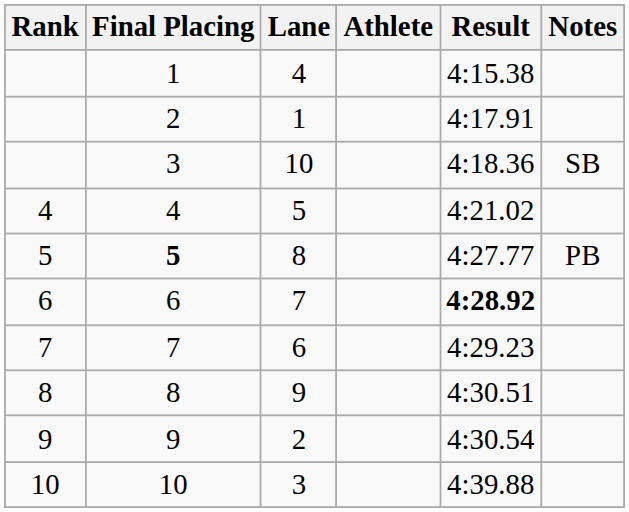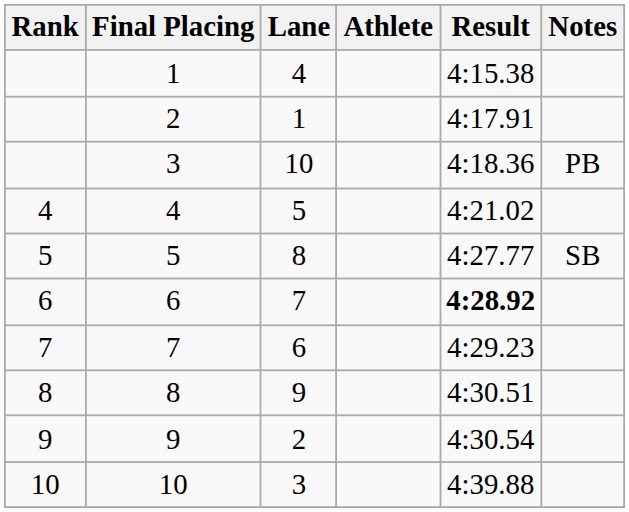 <table class="wikitable sortable" style="text-align:center">
 <tr>
 <th>Rank</th>
 <th>Final Placing</th>
 <th>Lane</th>
 <th>Athlete</th>
 <th>Result</th>
 <th>Notes</th>
 </tr>
 <tr>
 <td></td>
 <td>1</td>
 <td>4</td>
 <td align=left></td>
 <td>4:15.38</td>
 <td></td>
 </tr>
 <tr>
 <td></td>
 <td>2</td>
 <td>1</td>
 <td align=left></td>
 <td>4:17.91</td>
 <td></td>
 </tr>
 <tr>
 <td></td>
 <td>3</td>
 <td>10</td>
 <td align=left></td>
 <td>4:18.36</td>
-<td>SB</td>
+<td>PB</td>
 </tr>
 <tr>
 <td>4</td>
 <td>4</td>
 <td>5</td>
 <td align=left></td>
 <td>4:21.02</td>
 <td></td>
 </tr>
 <tr>
 <td>5</td>
-<td><strong>5</strong></td>
+<td>5</td>
 <td>8</td>
 <td align=left></td>
 <td>4:27.77</td>
-<td>PB</td>
+<td>SB</td>
 </tr>
 <tr>
 <td>6</td>
 <td>6</td>
 <td>7</td>
 <td align=left></td>
 <td><strong>4:28.92</strong></td>
 <td></td>
 </tr>
 <tr>
 <td>7</td>
 <td>7</td>
 <td>6</td>
 <td align=left></td>
 <td>4:29.23</td>
 <td></td>
 </tr>
 <tr>
 <td>8</td>
 <td>8</td>
 <td>9</td>
 <td align=left></td>
 <td>4:30.51</td>
 <td></td>
 </tr>
 <tr>
 <td>9</td>
 <td>9</td>
 <td>2</td>
 <td align=left></td>
 <td>4:30.54</td>
 <td></td>
 </tr>
 <tr>
 <td>10</td>
 <td>10</td>
 <td>3</td>
 <td align=left></td>
 <td>4:39.88</td>
 <td></td>
 </tr>
 </table>
